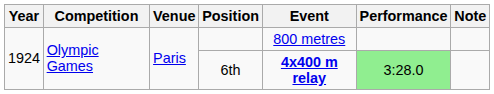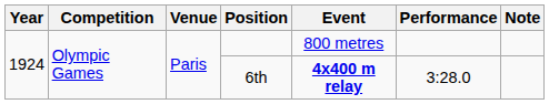 <table class="wikitable" width=55% style="font-size:90%; text-align:center;">
 <tr>
 <th>Year</th>
 <th>Competition</th>
 <th>Venue</th>
 <th>Position</th>
 <th>Event</th>
 <th>Performance</th>
 <th>Note</th>
 </tr>
 <tr>
 <td rowspan=2>1924</td>
 <td rowspan=2 align=left><a href='#'>Olympic Games</a></td>
 <td rowspan=2 align=left> <a href='#'>Paris</a></td>
 <td></td>
 <td><a href='#'>800 metres</a></td>
 <td></td>
 <td></td>
 </tr>
 <tr>
 <td>6th</td>
 <td><strong><a href='#'>4x400 m relay</a></strong></td>
-<td style="background: lightgreen;">3:28.0</td>
+<td>3:28.0</td>
 <td></td>
 </tr>
 </table>
